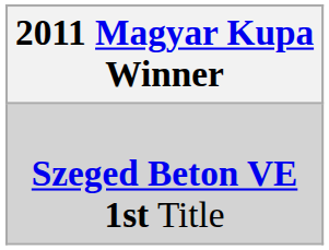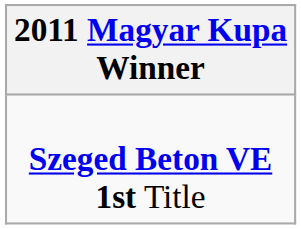 <table class=wikitable style="text-align:center; margin:auto">
 <tr>
 <th>2011 <a href='#'>Magyar Kupa</a><br>Winner</th>
 </tr>
 <tr>
-<td align=center style="background: lightgrey;"><br><strong><a href='#'>Szeged Beton VE</a></strong><br><strong>1st</strong> Title</td>
+<td align=center><br><strong><a href='#'>Szeged Beton VE</a></strong><br><strong>1st</strong> Title</td>
 </tr>
 </table>
